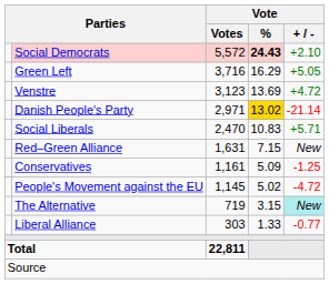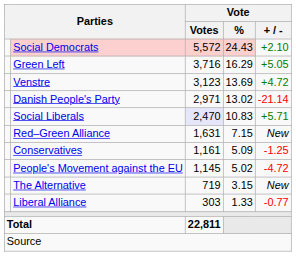 <table class="wikitable" style="text-align:right;">
 <tr>
 <th style="text-align:centre;" rowspan="2" colspan="2" width="225">Parties</th>
 <th colspan="3">Vote</th>
 </tr>
 <tr>
 <th width="15">Votes</th>
 <th width="15">%</th>
 <th width="15">+ / -</th>
 </tr>
 <tr>
 <td width="2" style="color:inherit;background:"></td>
 <td bgcolor=#fbd0ce   align="left"><a href='#'>Social Democrats</a></td>
 <td bgcolor=#fbd0ce>5,572</td>
-<td bgcolor=#fbd0ce><strong>24.43</strong></td>
+<td bgcolor=#fbd0ce>24.43</td>
 <td style=color:green;>+2.10</td>
 </tr>
 <tr>
 <td width="2" style="color:inherit;background:"></td>
 <td align="left"><a href='#'>Green Left</a></td>
 <td>3,716</td>
 <td>16.29</td>
 <td style=color:green;>+5.05</td>
 </tr>
 <tr>
 <td width="2" style="color:inherit;background:"></td>
 <td align="left"><a href='#'>Venstre</a></td>
 <td>3,123</td>
 <td>13.69</td>
 <td style=color:green;>+4.72</td>
 </tr>
 <tr>
 <td width="2" style="color:inherit;background:"></td>
 <td align="left"><a href='#'>Danish People's Party</a></td>
 <td>2,971</td>
-<td style="background: gold;">13.02</td>
+<td>13.02</td>
 <td style=color:red;>-21.14</td>
 </tr>
 <tr>
 <td width="2" style="color:inherit;background:"></td>
 <td align="left"><a href='#'>Social Liberals</a></td>
-<td>2,470</td>
+<td style="background: lavender;">2,470</td>
 <td>10.83</td>
 <td style=color:green;>+5.71</td>
 </tr>
 <tr>
 <td width="2" style="color:inherit;background:"></td>
 <td align="left"><a href='#'>Red–Green Alliance</a></td>
 <td>1,631</td>
 <td>7.15</td>
 <td><em>New</em></td>
 </tr>
 <tr>
 <td width="2" style="color:inherit;background:"></td>
 <td align="left"><a href='#'>Conservatives</a></td>
 <td>1,161</td>
 <td>5.09</td>
 <td style=color:red;>-1.25</td>
 </tr>
 <tr>
 <td width="2" style="color:inherit;background:"></td>
 <td align="left"><a href='#'>People's Movement against the EU</a></td>
 <td>1,145</td>
 <td>5.02</td>
 <td style=color:red;>-4.72</td>
 </tr>
 <tr>
 <td width="2" style="color:inherit;background:"></td>
 <td align="left"><a href='#'>The Alternative</a></td>
 <td>719</td>
 <td>3.15</td>
-<td style="background: paleturquoise;"><em>New</em></td>
+<td><em>New</em></td>
 </tr>
 <tr>
 <td width="2" style="color:inherit;background:"></td>
 <td align="left"><a href='#'>Liberal Alliance</a></td>
 <td>303</td>
 <td>1.33</td>
 <td style=color:red;>-0.77</td>
 </tr>
 <tr>
 <td colspan="7" bgcolor="#E9E9E9"></td>
 </tr>
 <tr>
 <td align="left" colspan="2"><strong>Total</strong></td>
 <td><strong>22,811</strong></td>
 <td bgcolor="#E9E9E9" colspan="2"></td>
 </tr>
 <tr>
 <td align="left" colspan="6">Source</td>
 </tr>
 </table>
